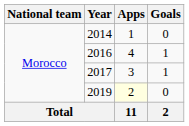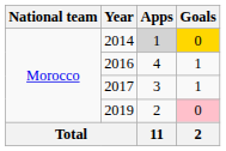 <table class="wikitable" style="text-align:center">
 <tr>
 <th>National team</th>
 <th>Year</th>
 <th>Apps</th>
 <th>Goals</th>
 </tr>
 <tr>
 <td rowspan="4"><a href='#'>Morocco</a></td>
 <td>2014</td>
-<td>1</td>
-<td>0</td>
+<td style="background: lightgrey;">1</td>
+<td style="background: gold;">0</td>
 </tr>
 <tr>
 <td>2016</td>
 <td>4</td>
 <td>1</td>
 </tr>
 <tr>
 <td>2017</td>
 <td>3</td>
 <td>1</td>
 </tr>
 <tr>
 <td>2019</td>
-<td style="background: lightyellow;">2</td>
-<td>0</td>
+<td>2</td>
+<td style="background: pink;">0</td>
 </tr>
 <tr>
 <th colspan="2">Total</th>
 <th>11</th>
 <th>2</th>
 </tr>
 </table>
